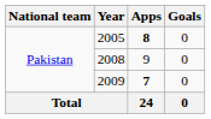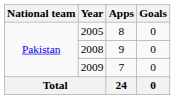 <table class="wikitable" style="text-align:center">
 <tr>
 <th>National team</th>
 <th>Year</th>
 <th>Apps</th>
 <th>Goals</th>
 </tr>
 <tr>
 <td rowspan="3"><a href='#'>Pakistan</a></td>
 <td>2005</td>
-<td><strong>8</strong></td>
+<td>8</td>
 <td>0</td>
 </tr>
 <tr>
 <td>2008</td>
 <td>9</td>
 <td>0</td>
 </tr>
 <tr>
 <td>2009</td>
-<td><strong>7</strong></td>
+<td>7</td>
 <td>0</td>
 </tr>
 <tr>
 <th colspan="2">Total</th>
 <th>24</th>
 <th>0</th>
 </tr>
 </table>
